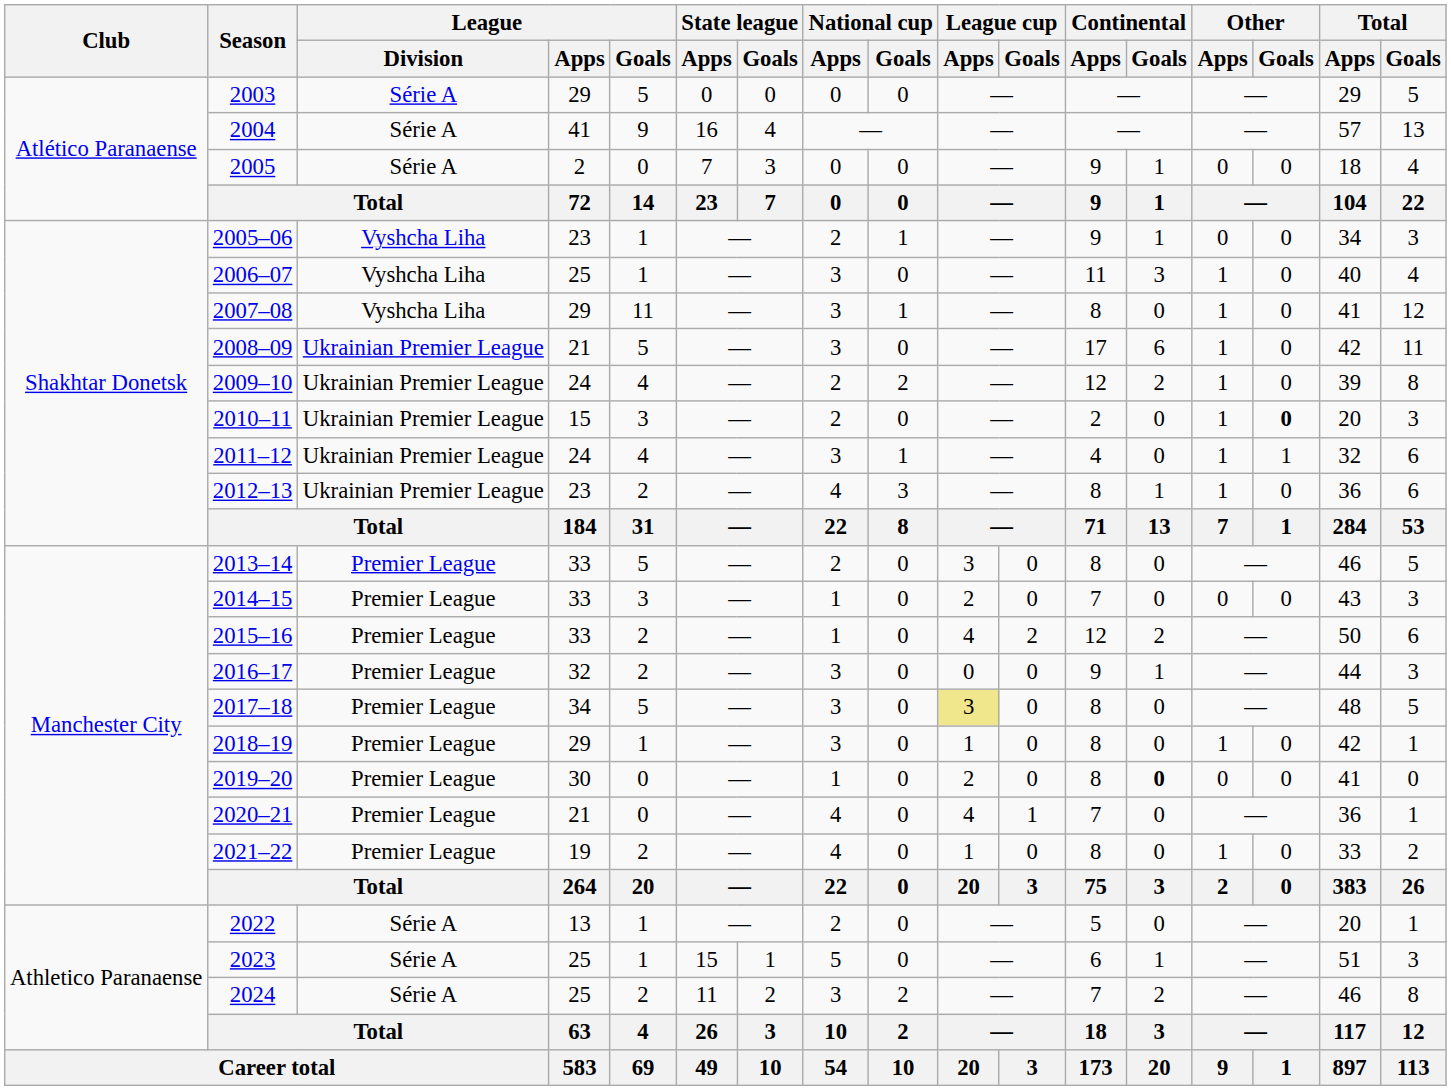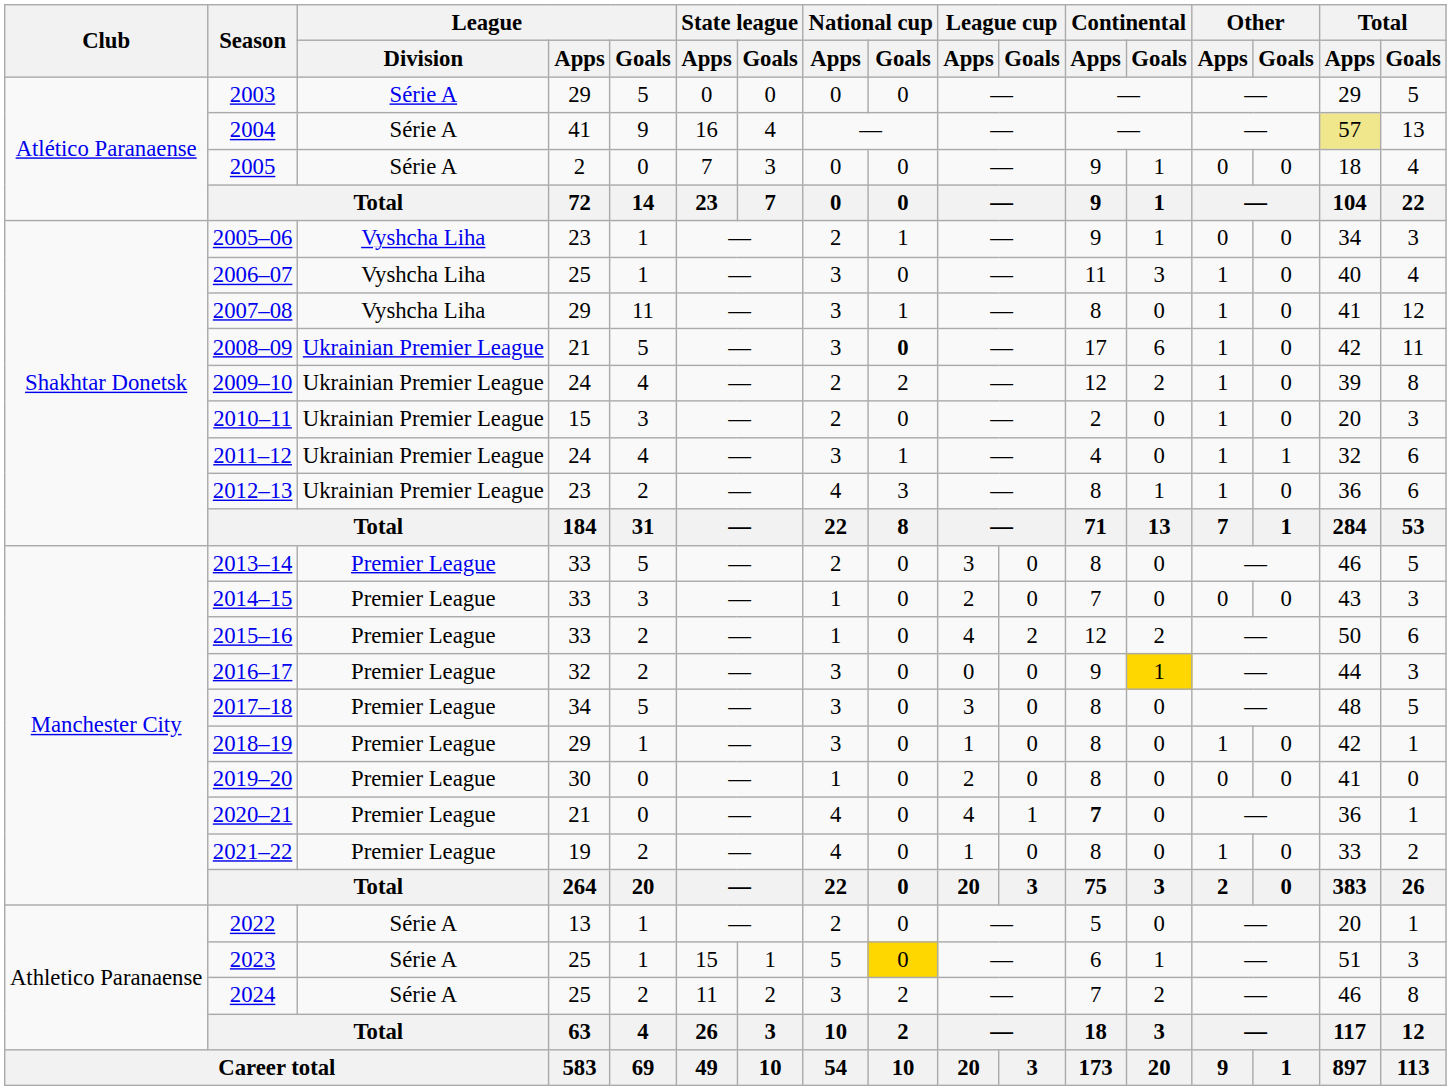 <table class="wikitable" style="text-align:center">
 <tr>
 <th rowspan="2">Club</th>
 <th rowspan="2">Season</th>
 <th colspan="3">League</th>
 <th colspan="2">State league</th>
 <th colspan="2">National cup</th>
 <th colspan="2">League cup</th>
 <th colspan="2">Continental</th>
 <th colspan="2">Other</th>
 <th colspan="2">Total</th>
 </tr>
 <tr>
 <th>Division</th>
 <th>Apps</th>
 <th>Goals</th>
 <th>Apps</th>
 <th>Goals</th>
 <th>Apps</th>
 <th>Goals</th>
 <th>Apps</th>
 <th>Goals</th>
 <th>Apps</th>
 <th>Goals</th>
 <th>Apps</th>
 <th>Goals</th>
 <th>Apps</th>
 <th>Goals</th>
 </tr>
 <tr>
 <td rowspan="4"><a href='#'>Atlético Paranaense</a></td>
 <td><a href='#'>2003</a></td>
 <td><a href='#'>Série A</a></td>
 <td>29</td>
 <td>5</td>
 <td>0</td>
 <td>0</td>
 <td>0</td>
 <td>0</td>
 <td colspan="2">—</td>
 <td colspan="2">—</td>
 <td colspan="2">—</td>
 <td>29</td>
 <td>5</td>
 </tr>
 <tr>
 <td><a href='#'>2004</a></td>
 <td>Série A</td>
 <td>41</td>
 <td>9</td>
 <td>16</td>
 <td>4</td>
 <td colspan="2">—</td>
 <td colspan="2">—</td>
 <td colspan="2">—</td>
 <td colspan="2">—</td>
-<td>57</td>
+<td style="background: khaki;">57</td>
 <td>13</td>
 </tr>
 <tr>
 <td><a href='#'>2005</a></td>
 <td>Série A</td>
 <td>2</td>
 <td>0</td>
 <td>7</td>
 <td>3</td>
 <td>0</td>
 <td>0</td>
 <td colspan="2">—</td>
 <td>9</td>
 <td>1</td>
 <td>0</td>
 <td>0</td>
 <td>18</td>
 <td>4</td>
 </tr>
 <tr>
 <th colspan="2">Total</th>
 <th>72</th>
 <th>14</th>
 <th>23</th>
 <th>7</th>
 <th>0</th>
 <th>0</th>
 <th colspan="2">—</th>
 <th>9</th>
 <th>1</th>
 <th colspan="2">—</th>
 <th>104</th>
 <th>22</th>
 </tr>
 <tr>
 <td rowspan="9"><a href='#'>Shakhtar Donetsk</a></td>
 <td><a href='#'>2005–06</a></td>
 <td><a href='#'>Vyshcha Liha</a></td>
 <td>23</td>
 <td>1</td>
 <td colspan="2">—</td>
 <td>2</td>
 <td>1</td>
 <td colspan="2">—</td>
 <td>9</td>
 <td>1</td>
 <td>0</td>
 <td>0</td>
 <td>34</td>
 <td>3</td>
 </tr>
 <tr>
 <td><a href='#'>2006–07</a></td>
 <td>Vyshcha Liha</td>
 <td>25</td>
 <td>1</td>
 <td colspan="2">—</td>
 <td>3</td>
 <td>0</td>
 <td colspan="2">—</td>
 <td>11</td>
 <td>3</td>
 <td>1</td>
 <td>0</td>
 <td>40</td>
 <td>4</td>
 </tr>
 <tr>
 <td><a href='#'>2007–08</a></td>
 <td>Vyshcha Liha</td>
 <td>29</td>
 <td>11</td>
 <td colspan="2">—</td>
 <td>3</td>
 <td>1</td>
 <td colspan="2">—</td>
 <td>8</td>
 <td>0</td>
 <td>1</td>
 <td>0</td>
 <td>41</td>
 <td>12</td>
 </tr>
 <tr>
 <td><a href='#'>2008–09</a></td>
 <td><a href='#'>Ukrainian Premier League</a></td>
 <td>21</td>
 <td>5</td>
 <td colspan="2">—</td>
 <td>3</td>
-<td>0</td>
+<td><strong>0</strong></td>
 <td colspan="2">—</td>
 <td>17</td>
 <td>6</td>
 <td>1</td>
 <td>0</td>
 <td>42</td>
 <td>11</td>
 </tr>
 <tr>
 <td><a href='#'>2009–10</a></td>
 <td>Ukrainian Premier League</td>
 <td>24</td>
 <td>4</td>
 <td colspan="2">—</td>
 <td>2</td>
 <td>2</td>
 <td colspan="2">—</td>
 <td>12</td>
 <td>2</td>
 <td>1</td>
 <td>0</td>
 <td>39</td>
 <td>8</td>
 </tr>
 <tr>
 <td><a href='#'>2010–11</a></td>
 <td>Ukrainian Premier League</td>
 <td>15</td>
 <td>3</td>
 <td colspan="2">—</td>
 <td>2</td>
 <td>0</td>
 <td colspan="2">—</td>
 <td>2</td>
 <td>0</td>
 <td>1</td>
-<td><strong>0</strong></td>
+<td>0</td>
 <td>20</td>
 <td>3</td>
 </tr>
 <tr>
 <td><a href='#'>2011–12</a></td>
 <td>Ukrainian Premier League</td>
 <td>24</td>
 <td>4</td>
 <td colspan="2">—</td>
 <td>3</td>
 <td>1</td>
 <td colspan="2">—</td>
 <td>4</td>
 <td>0</td>
 <td>1</td>
 <td>1</td>
 <td>32</td>
 <td>6</td>
 </tr>
 <tr>
 <td><a href='#'>2012–13</a></td>
 <td>Ukrainian Premier League</td>
 <td>23</td>
 <td>2</td>
 <td colspan="2">—</td>
 <td>4</td>
 <td>3</td>
 <td colspan="2">—</td>
 <td>8</td>
 <td>1</td>
 <td>1</td>
 <td>0</td>
 <td>36</td>
 <td>6</td>
 </tr>
 <tr>
 <th colspan="2">Total</th>
 <th>184</th>
 <th>31</th>
 <th colspan="2">—</th>
 <th>22</th>
 <th>8</th>
 <th colspan="2">—</th>
 <th>71</th>
 <th>13</th>
 <th>7</th>
 <th>1</th>
 <th>284</th>
 <th>53</th>
 </tr>
 <tr>
 <td rowspan="10"><a href='#'>Manchester City</a></td>
 <td><a href='#'>2013–14</a></td>
 <td><a href='#'>Premier League</a></td>
 <td>33</td>
 <td>5</td>
 <td colspan="2">—</td>
 <td>2</td>
 <td>0</td>
 <td>3</td>
 <td>0</td>
 <td>8</td>
 <td>0</td>
 <td colspan="2">—</td>
 <td>46</td>
 <td>5</td>
 </tr>
 <tr>
 <td><a href='#'>2014–15</a></td>
 <td>Premier League</td>
 <td>33</td>
 <td>3</td>
 <td colspan="2">—</td>
 <td>1</td>
 <td>0</td>
 <td>2</td>
 <td>0</td>
 <td>7</td>
 <td>0</td>
 <td>0</td>
 <td>0</td>
 <td>43</td>
 <td>3</td>
 </tr>
 <tr>
 <td><a href='#'>2015–16</a></td>
 <td>Premier League</td>
 <td>33</td>
 <td>2</td>
 <td colspan="2">—</td>
 <td>1</td>
 <td>0</td>
 <td>4</td>
 <td>2</td>
 <td>12</td>
 <td>2</td>
 <td colspan="2">—</td>
 <td>50</td>
 <td>6</td>
 </tr>
 <tr>
 <td><a href='#'>2016–17</a></td>
 <td>Premier League</td>
 <td>32</td>
 <td>2</td>
 <td colspan="2">—</td>
 <td>3</td>
 <td>0</td>
 <td>0</td>
 <td>0</td>
 <td>9</td>
-<td>1</td>
+<td style="background: gold;">1</td>
 <td colspan="2">—</td>
 <td>44</td>
 <td>3</td>
 </tr>
 <tr>
 <td><a href='#'>2017–18</a></td>
 <td>Premier League</td>
 <td>34</td>
 <td>5</td>
 <td colspan="2">—</td>
 <td>3</td>
 <td>0</td>
-<td style="background: khaki;">3</td>
+<td>3</td>
 <td>0</td>
 <td>8</td>
 <td>0</td>
 <td colspan="2">—</td>
 <td>48</td>
 <td>5</td>
 </tr>
 <tr>
 <td><a href='#'>2018–19</a></td>
 <td>Premier League</td>
 <td>29</td>
 <td>1</td>
 <td colspan="2">—</td>
 <td>3</td>
 <td>0</td>
 <td>1</td>
 <td>0</td>
 <td>8</td>
 <td>0</td>
 <td>1</td>
 <td>0</td>
 <td>42</td>
 <td>1</td>
 </tr>
 <tr>
 <td><a href='#'>2019–20</a></td>
 <td>Premier League</td>
 <td>30</td>
 <td>0</td>
 <td colspan="2">—</td>
 <td>1</td>
 <td>0</td>
 <td>2</td>
 <td>0</td>
 <td>8</td>
-<td><strong>0</strong></td>
+<td>0</td>
 <td>0</td>
 <td>0</td>
 <td>41</td>
 <td>0</td>
 </tr>
 <tr>
 <td><a href='#'>2020–21</a></td>
 <td>Premier League</td>
 <td>21</td>
 <td>0</td>
 <td colspan="2">—</td>
 <td>4</td>
 <td>0</td>
 <td>4</td>
 <td>1</td>
-<td>7</td>
+<td><strong>7</strong></td>
 <td>0</td>
 <td colspan="2">—</td>
 <td>36</td>
 <td>1</td>
 </tr>
 <tr>
 <td><a href='#'>2021–22</a></td>
 <td>Premier League</td>
 <td>19</td>
 <td>2</td>
 <td colspan="2">—</td>
 <td>4</td>
 <td>0</td>
 <td>1</td>
 <td>0</td>
 <td>8</td>
 <td>0</td>
 <td>1</td>
 <td>0</td>
 <td>33</td>
 <td>2</td>
 </tr>
 <tr>
 <th colspan="2">Total</th>
 <th>264</th>
 <th>20</th>
 <th colspan="2">—</th>
 <th>22</th>
 <th>0</th>
 <th>20</th>
 <th>3</th>
 <th>75</th>
 <th>3</th>
 <th>2</th>
 <th>0</th>
 <th>383</th>
 <th>26</th>
 </tr>
 <tr>
 <td rowspan="4">Athletico Paranaense</td>
 <td><a href='#'>2022</a></td>
 <td>Série A</td>
 <td>13</td>
 <td>1</td>
 <td colspan="2">—</td>
 <td>2</td>
 <td>0</td>
 <td colspan="2">—</td>
 <td>5</td>
 <td>0</td>
 <td colspan="2">—</td>
 <td>20</td>
 <td>1</td>
 </tr>
 <tr>
 <td><a href='#'>2023</a></td>
 <td>Série A</td>
 <td>25</td>
 <td>1</td>
 <td>15</td>
 <td>1</td>
 <td>5</td>
-<td>0</td>
+<td style="background: gold;">0</td>
 <td colspan="2">—</td>
 <td>6</td>
 <td>1</td>
 <td colspan="2">—</td>
 <td>51</td>
 <td>3</td>
 </tr>
 <tr>
 <td><a href='#'>2024</a></td>
 <td>Série A</td>
 <td>25</td>
 <td>2</td>
 <td>11</td>
 <td>2</td>
 <td>3</td>
 <td>2</td>
 <td colspan="2">—</td>
 <td>7</td>
 <td>2</td>
 <td colspan="2">—</td>
 <td>46</td>
 <td>8</td>
 </tr>
 <tr>
 <th colspan="2">Total</th>
 <th>63</th>
 <th>4</th>
 <th>26</th>
 <th>3</th>
 <th>10</th>
 <th>2</th>
 <th colspan="2">—</th>
 <th>18</th>
 <th>3</th>
 <th colspan="2">—</th>
 <th>117</th>
 <th>12</th>
 </tr>
 <tr>
 <th colspan="3">Career total</th>
 <th>583</th>
 <th>69</th>
 <th>49</th>
 <th>10</th>
 <th>54</th>
 <th>10</th>
 <th>20</th>
 <th>3</th>
 <th>173</th>
 <th>20</th>
 <th>9</th>
 <th>1</th>
 <th>897</th>
 <th>113</th>
 </tr>
 </table>
